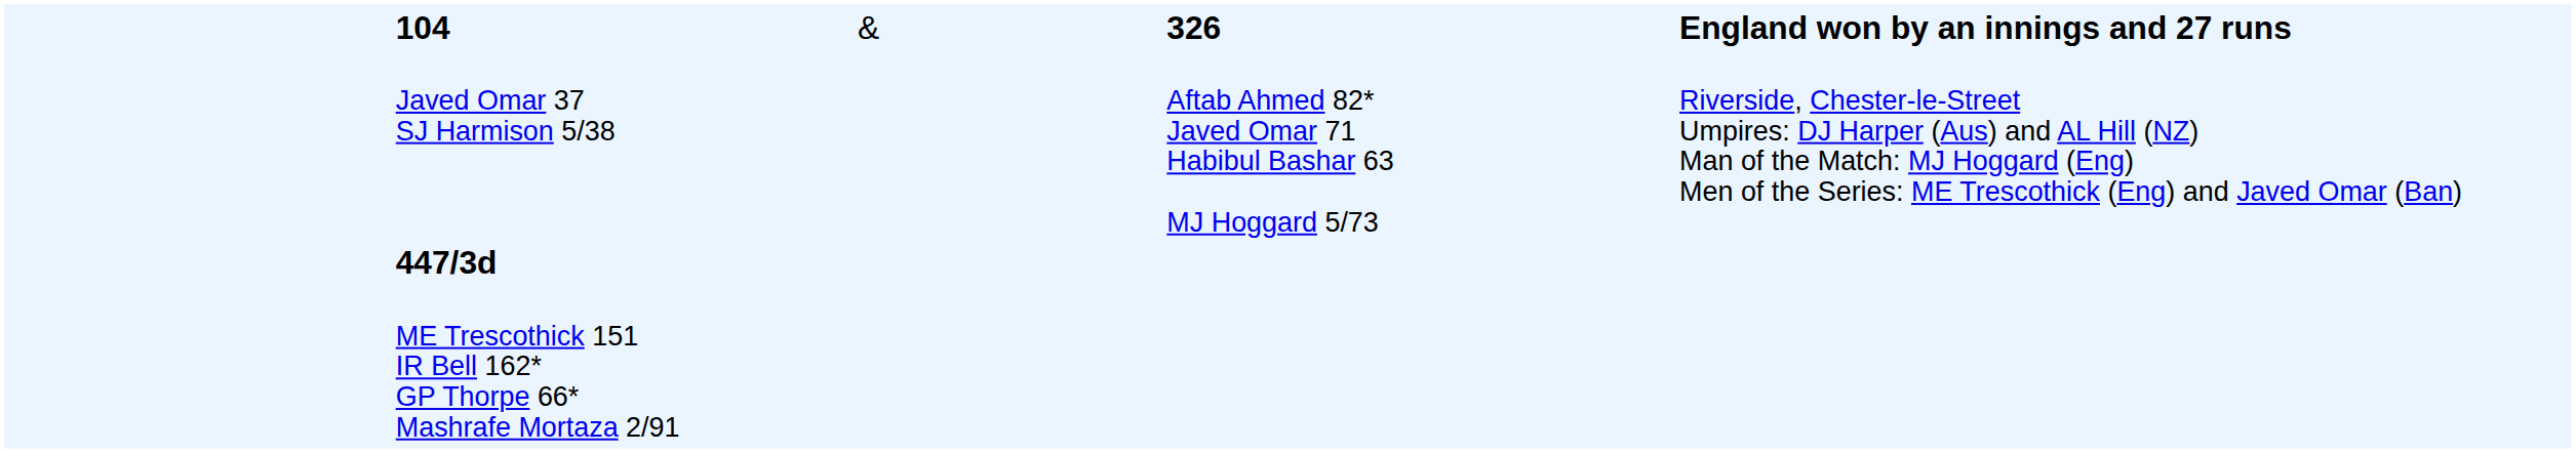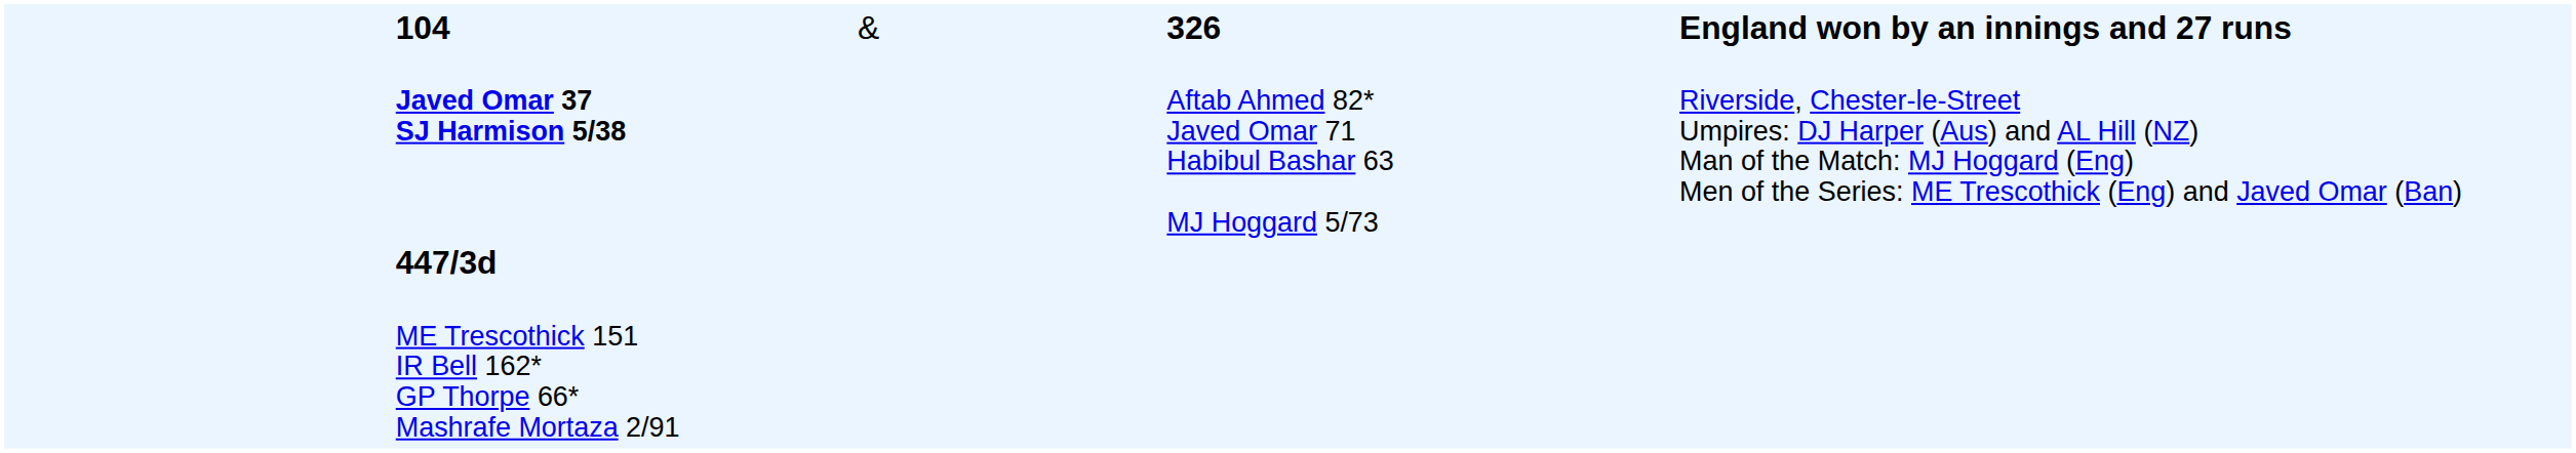 <table width="100%" style="background: #EBF5FF">
 <tr>
 <td width="15%" valign="top" rowspan="2"><strong></strong></td>
 <td width="18%"><strong>104</strong></td>
 <td width="12%">&</td>
 <td width="20%"><strong>326</strong></td>
 <td width="35%"><strong>England won by an innings and 27 runs</strong></td>
 </tr>
 <tr>
-<td style="font-size: 85%;" valign="top"><br><a href='#'>Javed Omar</a> 37<br> <a href='#'>SJ Harmison</a> 5/38</td>
+<td style="font-size: 85%;" valign="top"><strong><br><a href='#'>Javed Omar</a> 37<br> <a href='#'>SJ Harmison</a> 5/38</strong></td>
 <td></td>
 <td style="font-size: 85%;"><br><a href='#'>Aftab Ahmed</a> 82*<br> <a href='#'>Javed Omar</a> 71<br> <a href='#'>Habibul Bashar</a> 63<br>  <br><a href='#'>MJ Hoggard</a> 5/73</td>
 <td valign="top" style="font-size: 85%;" rowspan="3"><br><a href='#'>Riverside</a>, <a href='#'>Chester-le-Street</a><br> Umpires: <a href='#'>DJ Harper</a> (<a href='#'>Aus</a>) and <a href='#'>AL Hill</a> (<a href='#'>NZ</a>)<br> Man of the Match: <a href='#'>MJ Hoggard</a> (<a href='#'>Eng</a>)<br> Men of the Series: <a href='#'>ME Trescothick</a> (<a href='#'>Eng</a>) and <a href='#'>Javed Omar</a> (<a href='#'>Ban</a>)</td>
 </tr>
 <tr>
 <td valign="top" rowspan="2"><strong></strong></td>
 <td><strong>447/3d</strong></td>
 </tr>
 <tr>
 <td style="font-size: 85%;"><br><a href='#'>ME Trescothick</a> 151<br> <a href='#'>IR Bell</a> 162*<br> <a href='#'>GP Thorpe</a> 66*<br> <a href='#'>Mashrafe Mortaza</a> 2/91</td>
 <td></td>
 <td valign="top" style="font-size: 85%;"></td>
 </tr>
 </table>
